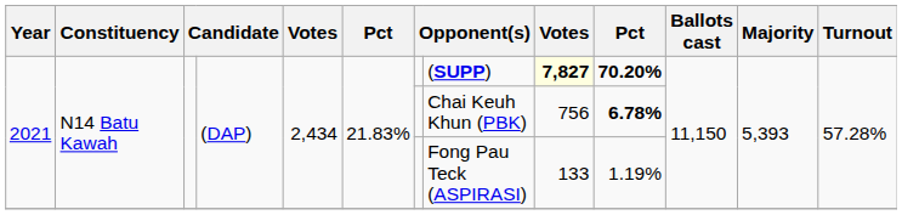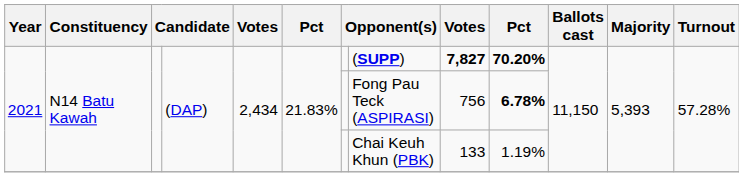 <table class="wikitable" style="margin:0.5em ; font-size:95%">
 <tr>
 <th>Year</th>
 <th>Constituency</th>
 <th colspan="2">Candidate</th>
 <th>Votes</th>
 <th>Pct</th>
 <th colspan="2">Opponent(s)</th>
 <th>Votes</th>
 <th>Pct</th>
 <th>Ballots cast</th>
 <th>Majority</th>
 <th>Turnout</th>
 </tr>
 <tr>
 <td rowspan="3"><a href='#'>2021</a></td>
 <td rowspan="3">N14 <a href='#'>Batu Kawah</a></td>
 <td rowspan="3" ></td>
 <td rowspan="3"> (<a href='#'>DAP</a>)</td>
 <td rowspan="3" style="text-align:right;">2,434</td>
 <td rowspan="3" style="text-align:right;">21.83%</td>
 <td></td>
 <td> (<a href='#'><strong>SUPP</strong></a>)</td>
-<td style="background: lightyellow; text-align:right;"><strong>7,827</strong></td>
+<td style="text-align:right;"><strong>7,827</strong></td>
 <td style="text-align:right;"><strong>70.20%</strong></td>
 <td rowspan="3" style="text-align:left;">11,150</td>
 <td rowspan="3" style="text-align:left;">5,393</td>
 <td rowspan="3" style="text-align:left;">57.28%</td>
 </tr>
 <tr>
 <td style="background:"></td>
-<td>Chai Keuh Khun (<a href='#'>PBK</a>)</td>
+<td>Fong Pau Teck (<a href='#'>ASPIRASI</a>)</td>
 <td style="text-align:right;">756</td>
 <td style="text-align:right;"><strong>6.78%</strong></td>
 </tr>
 <tr>
 <td style="background:"></td>
-<td>Fong Pau Teck (<a href='#'>ASPIRASI</a>)</td>
+<td>Chai Keuh Khun (<a href='#'>PBK</a>)</td>
 <td style="text-align:right;">133</td>
 <td style="text-align:right;">1.19%</td>
 </tr>
 <tr>
 </tr>
 </table>
